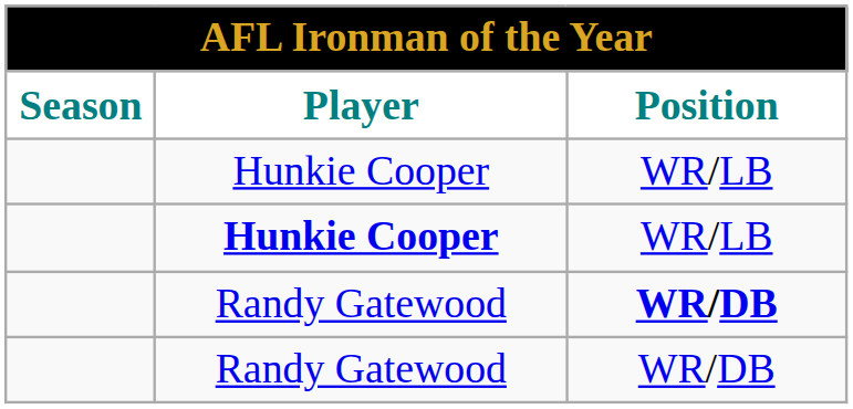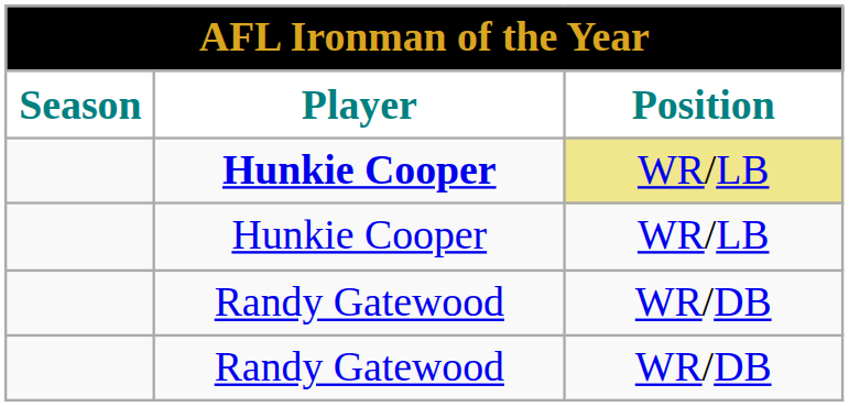 <table class="wikitable sortable" style="text-align:center">
 <tr>
 <td colspan="4" style="background:#000; color:#DAA520;"><strong>AFL Ironman of the Year</strong></td>
 </tr>
 <tr>
 <th style="width:50px; background:white; color:teal;">Season</th>
 <th style="width:150px; background:white; color:teal;">Player</th>
 <th style="width:100px; background:white; color:teal;">Position</th>
 </tr>
 <tr>
 <td></td>
+<td><strong><a href='#'>Hunkie Cooper</a></strong></td>
+<td style="background: khaki;"><a href='#'>WR</a>/<a href='#'>LB</a></td>
+</tr>
+<tr>
+<td></td>
 <td><a href='#'>Hunkie Cooper</a></td>
 <td><a href='#'>WR</a>/<a href='#'>LB</a></td>
 </tr>
 <tr>
 <td></td>
-<td><strong><a href='#'>Hunkie Cooper</a></strong></td>
-<td><a href='#'>WR</a>/<a href='#'>LB</a></td>
-</tr>
-<tr>
-<td></td>
 <td><a href='#'>Randy Gatewood</a></td>
-<td><strong><a href='#'>WR</a>/<a href='#'>DB</a></strong></td>
+<td><a href='#'>WR</a>/<a href='#'>DB</a></td>
 </tr>
 <tr>
 <td></td>
 <td><a href='#'>Randy Gatewood</a></td>
 <td><a href='#'>WR</a>/<a href='#'>DB</a></td>
 </tr>
 </table>
